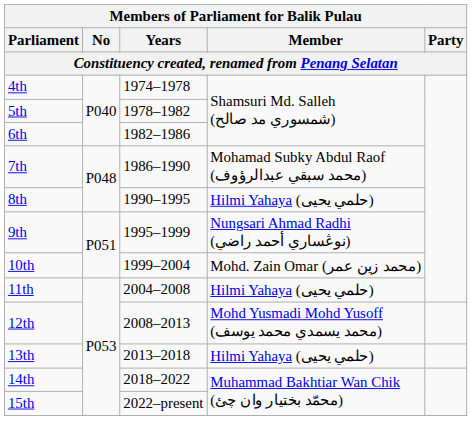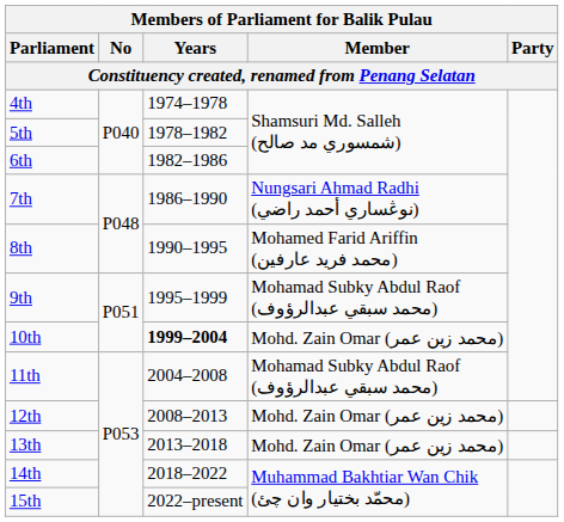 <table class=wikitable>
 <tr>
 <th colspan="5">Members of Parliament for Balik Pulau</th>
 </tr>
 <tr>
 <th>Parliament</th>
 <th>No</th>
 <th>Years</th>
 <th>Member</th>
 <th>Party</th>
 </tr>
 <tr>
 <th colspan="5" align="center"><em>Constituency created, renamed from <a href='#'>Penang Selatan</a></em></th>
 </tr>
 <tr>
 <td><a href='#'>4th</a></td>
 <td rowspan="3">P040</td>
 <td>1974–1978</td>
 <td rowspan=3>Shamsuri Md. Salleh <br>(شمسوري مد صالح)</td>
 <td rowspan="8"></td>
 </tr>
 <tr>
 <td><a href='#'>5th</a></td>
 <td>1978–1982</td>
 </tr>
 <tr>
 <td><a href='#'>6th</a></td>
 <td>1982–1986</td>
 </tr>
 <tr>
 <td><a href='#'>7th</a></td>
 <td rowspan="2">P048</td>
 <td>1986–1990</td>
-<td>Mohamad Subky Abdul Raof <br>(محمد سبقي عبدالرؤوف)</td>
+<td><a href='#'>Nungsari Ahmad Radhi</a><br>(نوڠساري أحمد راضي)</td>
 </tr>
 <tr>
 <td><a href='#'>8th</a></td>
 <td>1990–1995</td>
-<td><a href='#'>Hilmi Yahaya</a> (حلمي يحيى)</td>
+<td>Mohamed Farid Ariffin <br>(محمد فريد عارفين)</td>
 </tr>
 <tr>
 <td><a href='#'>9th</a></td>
 <td rowspan="2">P051</td>
 <td>1995–1999</td>
-<td><a href='#'>Nungsari Ahmad Radhi</a><br>(نوڠساري أحمد راضي)</td>
+<td>Mohamad Subky Abdul Raof <br>(محمد سبقي عبدالرؤوف)</td>
 </tr>
 <tr>
 <td><a href='#'>10th</a></td>
-<td>1999–2004</td>
+<td><strong>1999–2004</strong></td>
 <td>Mohd. Zain Omar (محمد زين عمر)</td>
 </tr>
 <tr>
 <td><a href='#'>11th</a></td>
 <td rowspan="5">P053</td>
 <td>2004–2008</td>
-<td><a href='#'>Hilmi Yahaya</a> (حلمي يحيى)</td>
+<td>Mohamad Subky Abdul Raof <br>(محمد سبقي عبدالرؤوف)</td>
 </tr>
 <tr>
 <td><a href='#'>12th</a></td>
 <td>2008–2013</td>
-<td><a href='#'>Mohd Yusmadi Mohd Yusoff</a> <br>(محمد يسمدي محمد يوسف)</td>
+<td>Mohd. Zain Omar (محمد زين عمر)</td>
 <td></td>
 </tr>
 <tr>
 <td><a href='#'>13th</a></td>
 <td>2013–2018</td>
-<td><a href='#'>Hilmi Yahaya</a> (حلمي يحيى)</td>
+<td>Mohd. Zain Omar (محمد زين عمر)</td>
 <td></td>
 </tr>
 <tr>
 <td><a href='#'>14th</a></td>
 <td>2018–2022</td>
 <td rowspan=2><a href='#'>Muhammad Bakhtiar Wan Chik</a> <br>(محمّد بختيار وان چئ)</td>
 <td rowspan="2"></td>
 </tr>
 <tr>
 <td><a href='#'>15th</a></td>
 <td>2022–present</td>
 </tr>
 </table>
